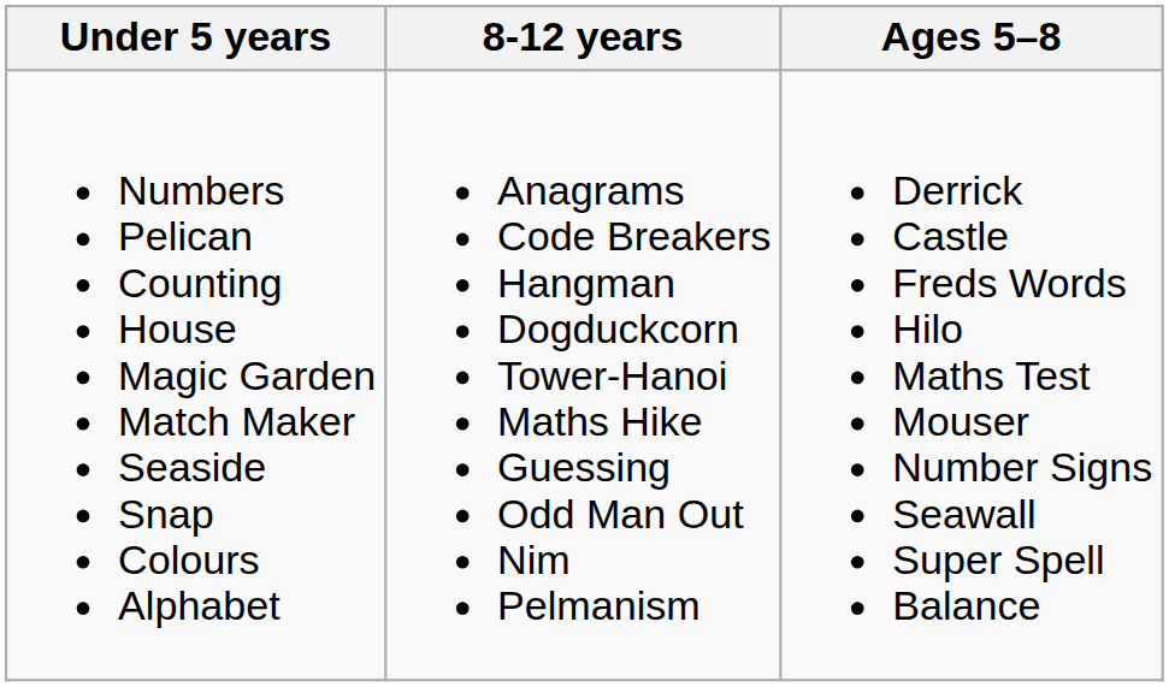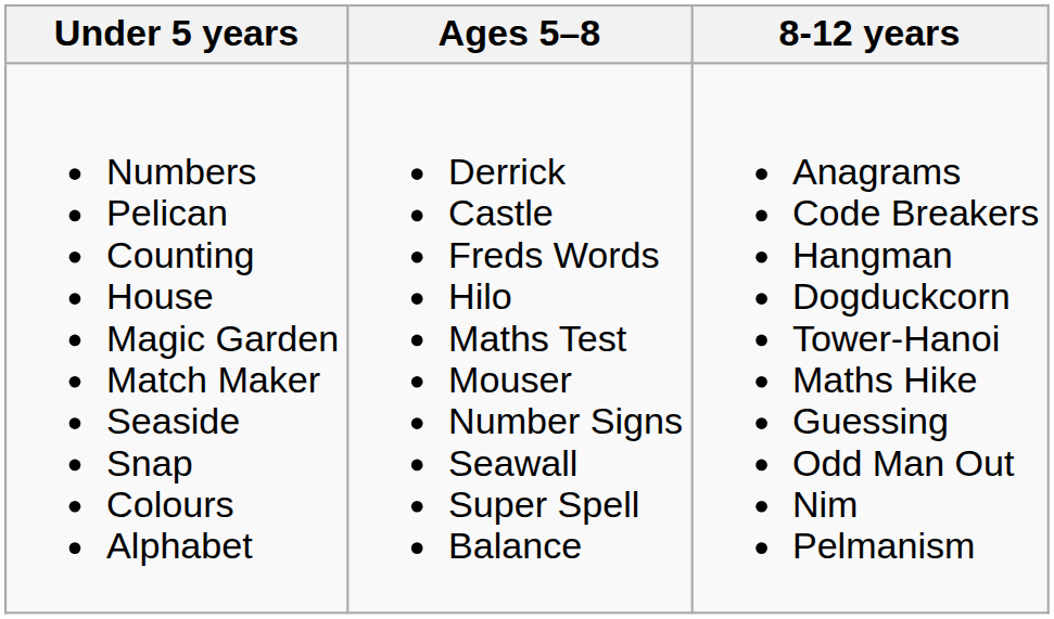 <table class="wikitable">
 <tr>
 <th>Under 5 years</th>
+<th>Ages 5–8</th>
 <th>8-12 years</th>
-<th>Ages 5–8</th>
 </tr>
 <tr>
 <td><br><ul><li>Numbers</li><li>Pelican</li><li>Counting</li><li>House</li><li>Magic Garden</li><li>Match Maker</li><li>Seaside</li><li>Snap</li><li>Colours</li><li>Alphabet</li></ul></td>
+<td><br><ul><li>Derrick</li><li>Castle</li><li>Freds Words</li><li>Hilo</li><li>Maths Test</li><li>Mouser</li><li>Number Signs</li><li>Seawall</li><li>Super Spell</li><li>Balance</li></ul></td>
 <td><br><ul><li>Anagrams</li><li>Code Breakers</li><li>Hangman</li><li>Dogduckcorn</li><li>Tower-Hanoi</li><li>Maths Hike</li><li>Guessing</li><li>Odd Man Out</li><li>Nim</li><li>Pelmanism</li></ul></td>
-<td><br><ul><li>Derrick</li><li>Castle</li><li>Freds Words</li><li>Hilo</li><li>Maths Test</li><li>Mouser</li><li>Number Signs</li><li>Seawall</li><li>Super Spell</li><li>Balance</li></ul></td>
 </tr>
 </table>
